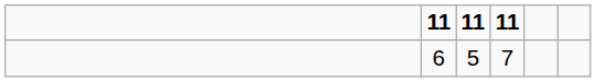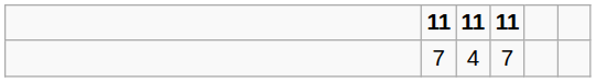 <table class="wikitable">
 <tr>
 <td style="width:18em"><strong></strong></td>
 <td align=center style="width:1em"><strong>11</strong></td>
 <td align=center style="width:1em"><strong>11</strong></td>
 <td align=center style="width:1em"><strong>11</strong></td>
 <td align=center style="width:1em"></td>
 <td align=center style="width:1em"></td>
 </tr>
 <tr>
 <td style="width:18em"></td>
-<td align=center style="width:1em">6</td>
-<td align=center style="width:1em">5</td>
+<td align=center style="width:1em">7</td>
+<td align=center style="width:1em">4</td>
 <td align=center style="width:1em">7</td>
 <td align=center style="width:1em"></td>
 <td align=center style="width:1em"></td>
 </tr>
 </table>
